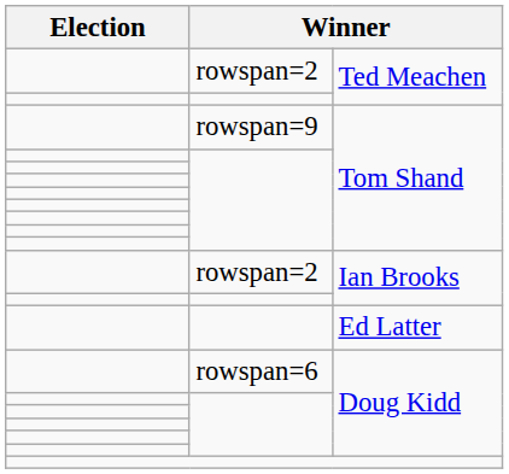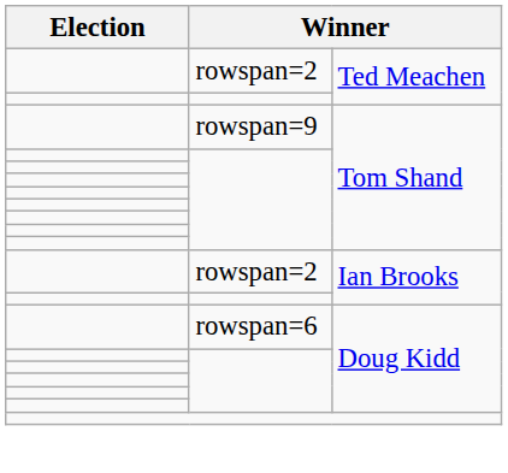 <table class=wikitable>
 <tr>
 <th width=100>Election</th>
 <th width=175 colspan=2>Winner</th>
 </tr>
 <tr>
 <td></td>
 <td>rowspan=2 </td>
 <td rowspan=2><a href='#'>Ted Meachen</a></td>
 </tr>
 <tr>
 <td></td>
 </tr>
 <tr>
 <td></td>
 <td>rowspan=9 </td>
 <td rowspan=9><a href='#'>Tom Shand</a></td>
 </tr>
 <tr>
 <td></td>
 </tr>
 <tr>
 <td></td>
 </tr>
 <tr>
 <td></td>
 </tr>
 <tr>
 <td></td>
 </tr>
 <tr>
 <td></td>
 </tr>
 <tr>
 <td></td>
 </tr>
 <tr>
 <td></td>
 </tr>
 <tr>
 <td></td>
 </tr>
 <tr>
 <td></td>
 <td>rowspan=2 </td>
 <td rowspan=2><a href='#'>Ian Brooks</a></td>
 </tr>
 <tr>
 <td></td>
 </tr>
 <tr>
 <td></td>
-<td></td>
-<td><a href='#'>Ed Latter</a></td>
-</tr>
-<tr>
-<td></td>
 <td>rowspan=6 </td>
 <td rowspan=6><a href='#'>Doug Kidd</a></td>
 </tr>
 <tr>
 <td></td>
 </tr>
 <tr>
 <td></td>
 </tr>
 <tr>
 <td></td>
 </tr>
 <tr>
 <td></td>
 </tr>
 <tr>
 <td></td>
 </tr>
 <tr>
 <td colspan=3 align=center></td>
 </tr>
 </table>
